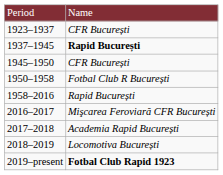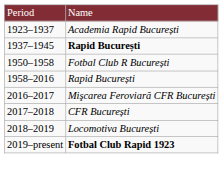 <table class="wikitable" style="text-align: left" align="right">
 <tr>
 <td style="background:#822d35;color:#fefefe;">Period</td>
 <td style="background:#822d35;color:#fefefe;">Name</td>
 </tr>
 <tr>
 <td>1923–1937</td>
-<td align=left><em>CFR București</em></td>
+<td align=left><em>Academia Rapid București</em></td>
 </tr>
 <tr>
 <td>1937–1945</td>
 <td align=left><strong>Rapid București</strong></td>
-</tr>
-<tr>
-<td>1945–1950</td>
-<td align=left><em>CFR București</em></td>
 </tr>
 <tr>
 <td>1950–1958</td>
 <td align=left><em>Fotbal Club R București</em></td>
 </tr>
 <tr>
 <td>1958–2016</td>
 <td align=left><em>Rapid București</em></td>
 </tr>
 <tr>
 <td>2016–2017</td>
 <td align=left><em>Mişcarea Feroviară CFR București</em></td>
 </tr>
 <tr>
 <td>2017–2018</td>
-<td align=left><em>Academia Rapid București</em></td>
+<td align=left><em>CFR București</em></td>
 </tr>
 <tr>
 <td>2018–2019</td>
 <td align=left><em>Locomotiva București</em></td>
 </tr>
 <tr>
 <td>2019–present</td>
 <td align=left><strong>Fotbal Club Rapid 1923</strong></td>
 </tr>
 </table>
